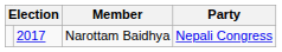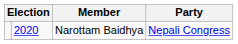 <table class="wikitable">
 <tr>
 <th colspan="2">Election</th>
 <th>Member</th>
 <th>Party</th>
 </tr>
 <tr>
 <td style="background-color:"></td>
-<td><a href='#'>2017</a></td>
+<td><a href='#'>2020</a></td>
 <td>Narottam Baidhya</td>
 <td><a href='#'>Nepali Congress</a></td>
 </tr>
 </table>
